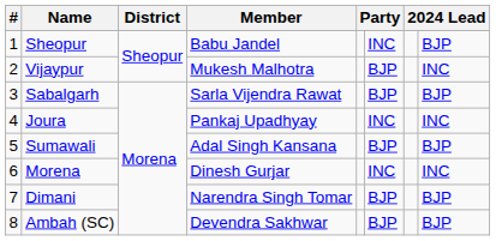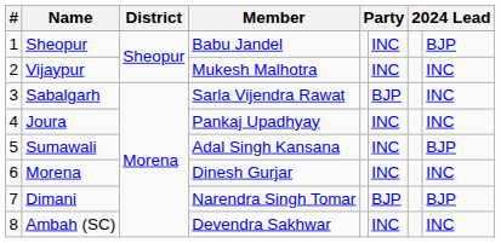 <table class="wikitable">
 <tr>
 <th>#</th>
 <th>Name</th>
 <th>District</th>
 <th>Member</th>
 <th colspan="2">Party</th>
 <th colspan="2">2024 Lead</th>
 </tr>
 <tr>
 <td>1</td>
 <td><a href='#'>Sheopur</a></td>
 <td rowspan="2"><a href='#'>Sheopur</a></td>
 <td><a href='#'>Babu Jandel</a></td>
 <td style="background-color: "></td>
 <td><a href='#'>INC</a></td>
 <td style="background-color: "></td>
 <td><a href='#'>BJP</a></td>
 </tr>
 <tr>
 <td>2</td>
 <td><a href='#'>Vijaypur</a></td>
 <td><a href='#'>Mukesh Malhotra</a></td>
 <td style="background-color: "></td>
-<td><a href='#'>BJP</a></td>
+<td><a href='#'>INC</a></td>
 <td style="background-color: "></td>
 <td><a href='#'>INC</a></td>
 </tr>
 <tr>
 <td>3</td>
 <td><a href='#'>Sabalgarh</a></td>
 <td rowspan="6"><a href='#'>Morena</a></td>
 <td><a href='#'>Sarla Vijendra Rawat</a></td>
 <td style="background-color: "></td>
 <td><a href='#'>BJP</a></td>
 <td style="background-color: "></td>
-<td><a href='#'>BJP</a></td>
+<td><a href='#'>INC</a></td>
 </tr>
 <tr>
 <td>4</td>
 <td><a href='#'>Joura</a></td>
 <td><a href='#'>Pankaj Upadhyay</a></td>
 <td style="background-color: "></td>
 <td><a href='#'>INC</a></td>
 <td style="background-color: "></td>
 <td><a href='#'>INC</a></td>
 </tr>
 <tr>
 <td>5</td>
 <td><a href='#'>Sumawali</a></td>
 <td><a href='#'>Adal Singh Kansana</a></td>
 <td style="background-color: "></td>
-<td><a href='#'>BJP</a></td>
+<td><a href='#'>INC</a></td>
 <td style="background-color: "></td>
 <td><a href='#'>BJP</a></td>
 </tr>
 <tr>
 <td>6</td>
 <td><a href='#'>Morena</a></td>
 <td><a href='#'>Dinesh Gurjar</a></td>
 <td style="background-color: "></td>
 <td><a href='#'>INC</a></td>
 <td style="background-color: "></td>
 <td><a href='#'>INC</a></td>
 </tr>
 <tr>
 <td>7</td>
 <td><a href='#'>Dimani</a></td>
 <td><a href='#'>Narendra Singh Tomar</a></td>
 <td style="background-color: "></td>
 <td><a href='#'>BJP</a></td>
 <td style="background-color: "></td>
 <td><a href='#'>BJP</a></td>
 </tr>
 <tr>
 <td>8</td>
 <td><a href='#'>Ambah</a> (SC)</td>
 <td><a href='#'>Devendra Sakhwar</a></td>
 <td style="background-color: "></td>
-<td><a href='#'>BJP</a></td>
+<td><a href='#'>INC</a></td>
 <td style="background-color: "></td>
-<td><a href='#'>BJP</a></td>
+<td><a href='#'>INC</a></td>
 </tr>
 </table>
